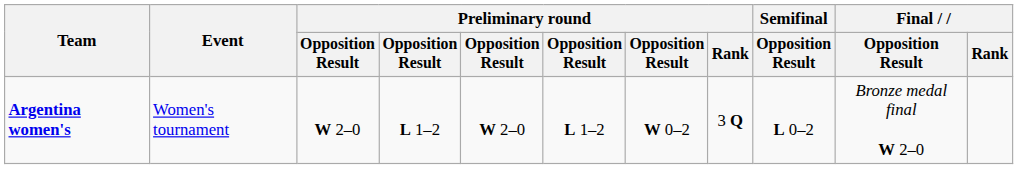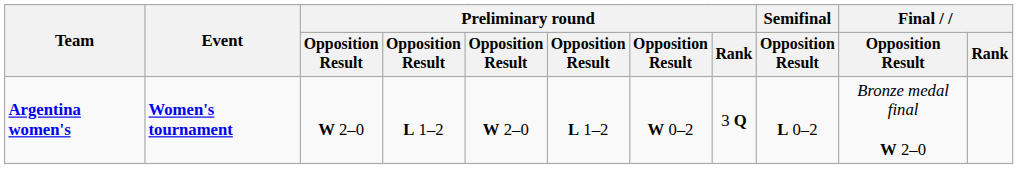 <table class=wikitable style=font-size:90%>
 <tr>
 <th rowspan=2>Team</th>
 <th rowspan=2>Event</th>
 <th colspan=6>Preliminary round</th>
 <th>Semifinal</th>
 <th colspan=2>Final /  / </th>
 </tr>
 <tr style=font-size:95%>
 <th>Opposition<br>Result</th>
 <th>Opposition<br>Result</th>
 <th>Opposition<br>Result</th>
 <th>Opposition<br>Result</th>
 <th>Opposition<br>Result</th>
 <th>Rank</th>
 <th>Opposition<br>Result</th>
 <th>Opposition<br>Result</th>
 <th>Rank</th>
 </tr>
 <tr align=center>
 <td align=left><strong><a href='#'>Argentina women's</a></strong></td>
-<td align=left><a href='#'>Women's tournament</a></td>
+<td align=left><strong><a href='#'>Women's tournament</a></strong></td>
 <td><br><strong>W</strong> 2–0</td>
 <td><br><strong>L</strong> 1–2</td>
 <td><br><strong>W</strong> 2–0</td>
 <td><br><strong>L</strong> 1–2</td>
 <td><br><strong>W</strong> 0–2</td>
 <td>3 <strong>Q</strong></td>
 <td><br><strong>L</strong> 0–2</td>
 <td><em>Bronze medal final</em><br><br><strong>W</strong> 2–0</td>
 <td></td>
 </tr>
 </table>
